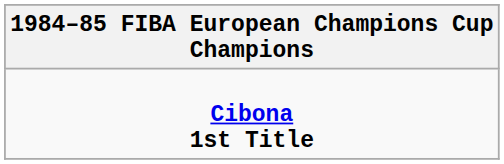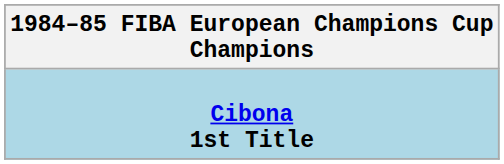 <table class=wikitable style="text-align:center; margin:auto">
 <tr>
 <th>1984–85 FIBA European Champions Cup<br>Champions</th>
 </tr>
 <tr>
-<td> <br> <strong><a href='#'>Cibona</a></strong> <br> <strong>1st Title</strong></td>
+<td style="background: lightblue;"> <br> <strong><a href='#'>Cibona</a></strong> <br> <strong>1st Title</strong></td>
 </tr>
 </table>
